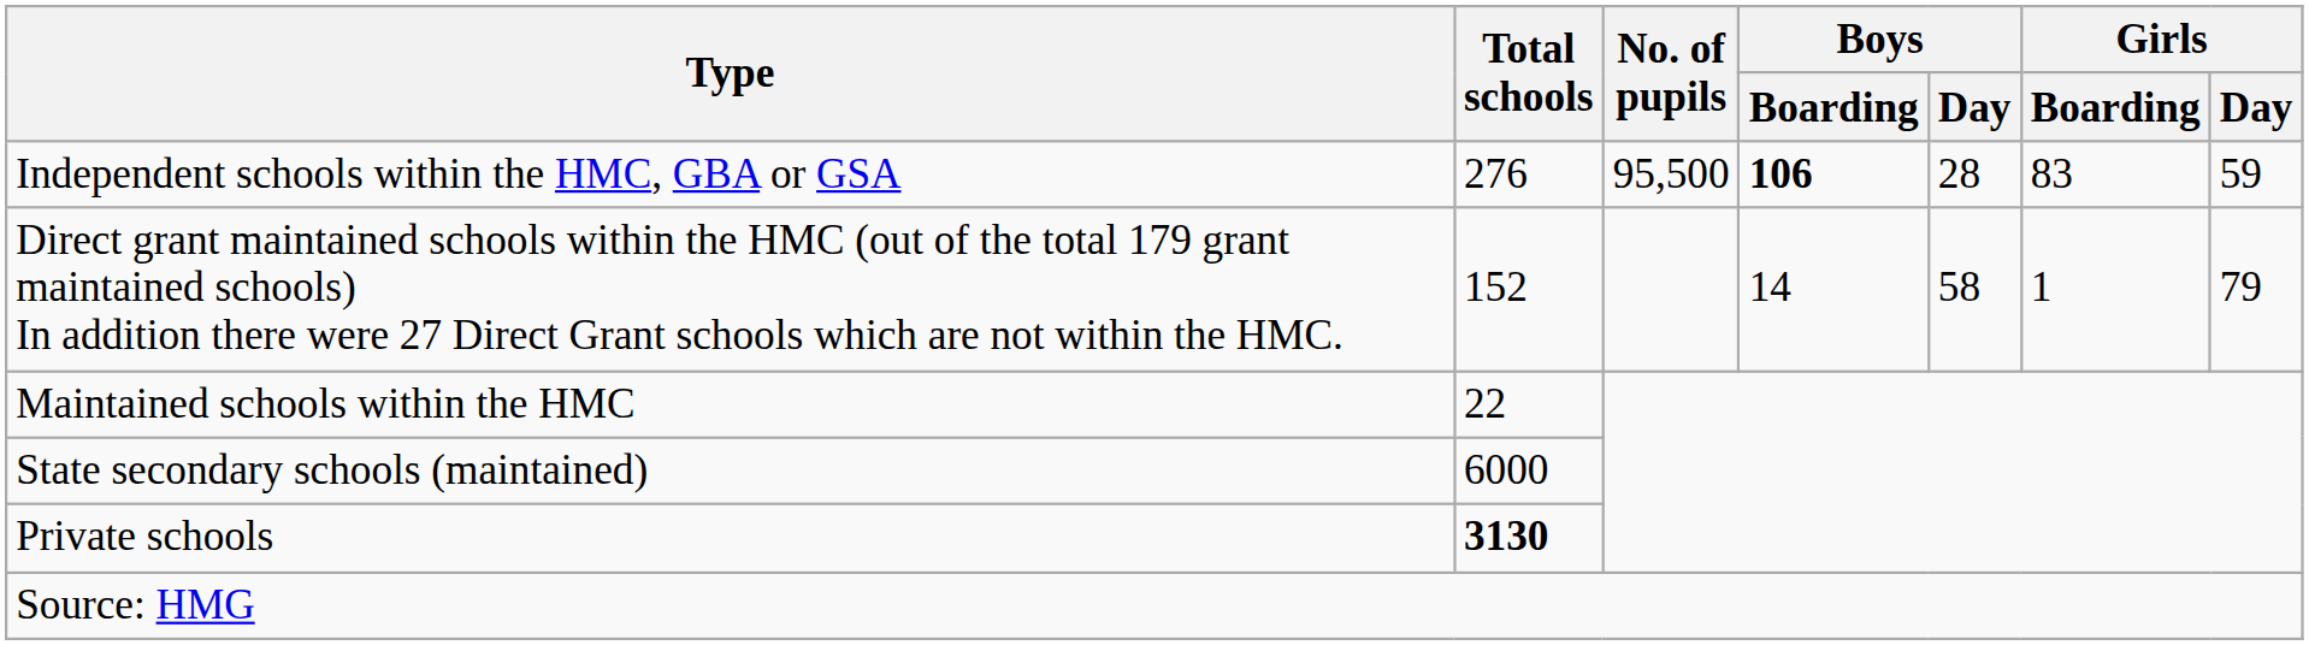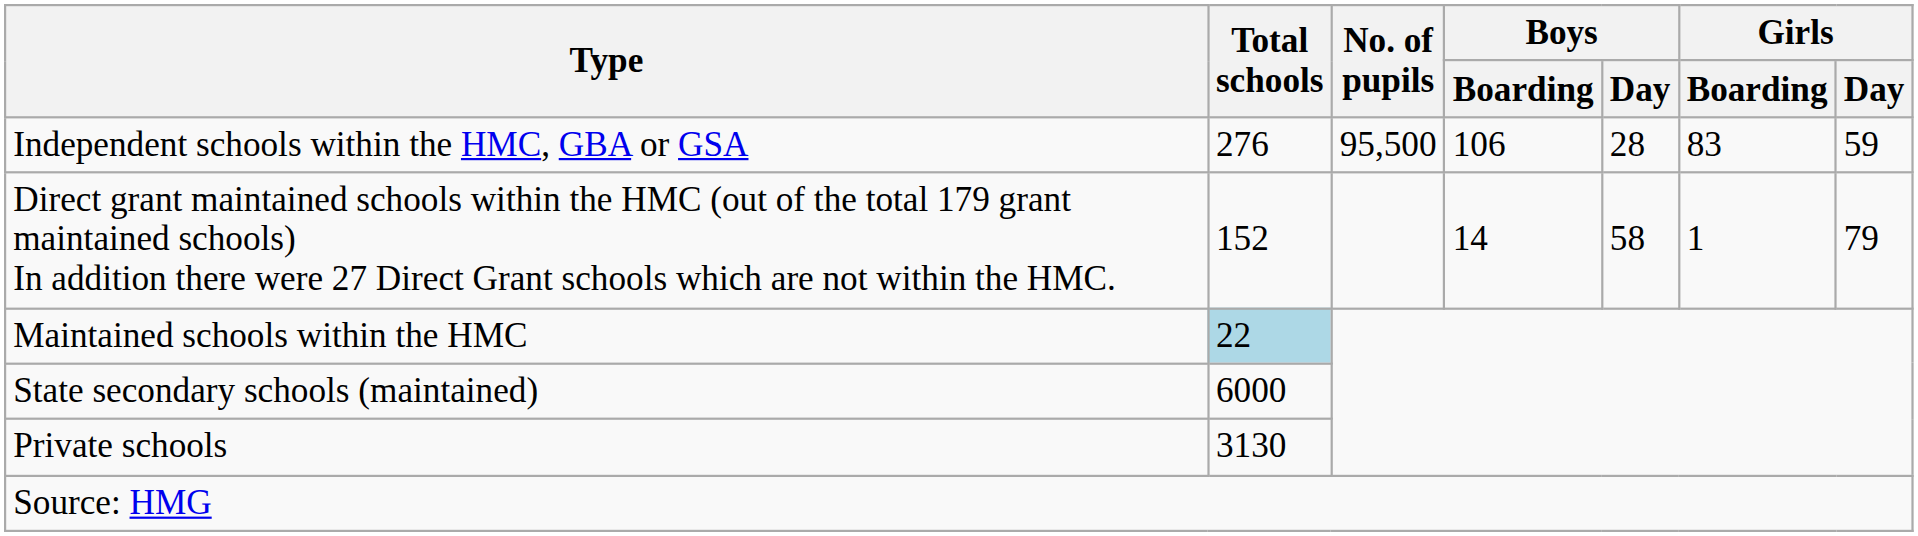 <table class="wikitable">
 <tr>
 <th rowspan=2>Type</th>
 <th rowspan=2>Total<br>schools</th>
 <th rowspan=2>No. of<br> pupils</th>
 <th colspan=2>Boys</th>
 <th colspan=2>Girls</th>
 </tr>
 <tr>
 <th>Boarding</th>
 <th>Day</th>
 <th>Boarding</th>
 <th>Day</th>
 </tr>
 <tr>
 <td>Independent schools within the <a href='#'>HMC</a>, <a href='#'>GBA</a> or <a href='#'>GSA</a></td>
 <td>276</td>
 <td>95,500</td>
-<td><strong>106</strong></td>
+<td>106</td>
 <td>28</td>
 <td>83</td>
 <td>59</td>
 </tr>
 <tr>
 <td>Direct grant maintained schools within the HMC (out of the total 179 grant maintained schools)<br>In addition there were 27 Direct Grant schools which are not within the HMC.</td>
 <td>152</td>
 <td></td>
 <td>14</td>
 <td>58</td>
 <td>1</td>
 <td>79</td>
 </tr>
 <tr>
 <td>Maintained schools within the HMC</td>
-<td>22</td>
+<td style="background: lightblue;">22</td>
 </tr>
 <tr>
 <td>State secondary schools (maintained)</td>
 <td>6000</td>
 </tr>
 <tr>
 <td>Private schools</td>
-<td><strong>3130</strong></td>
+<td>3130</td>
 </tr>
 <tr>
 <td colspan=7>Source: <a href='#'>HMG</a></td>
 </tr>
 </table>
